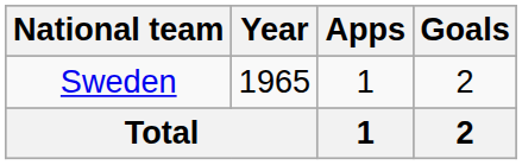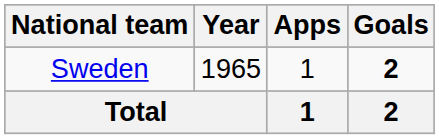 <table class="wikitable" style="text-align:center">
 <tr>
 <th>National team</th>
 <th>Year</th>
 <th>Apps</th>
 <th>Goals</th>
 </tr>
 <tr>
 <td><a href='#'>Sweden</a></td>
 <td>1965</td>
 <td>1</td>
-<td>2</td>
+<td><strong>2</strong></td>
 </tr>
 <tr>
 <th colspan="2">Total</th>
 <th>1</th>
 <th>2</th>
 </tr>
 </table>
